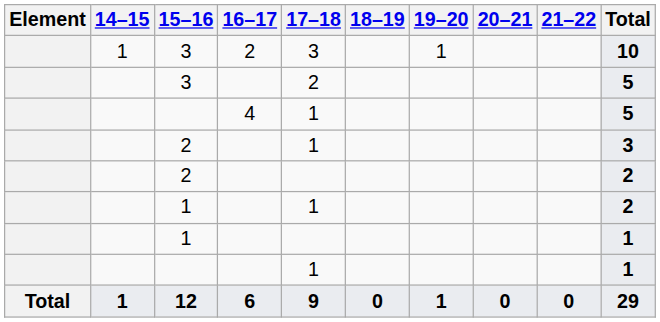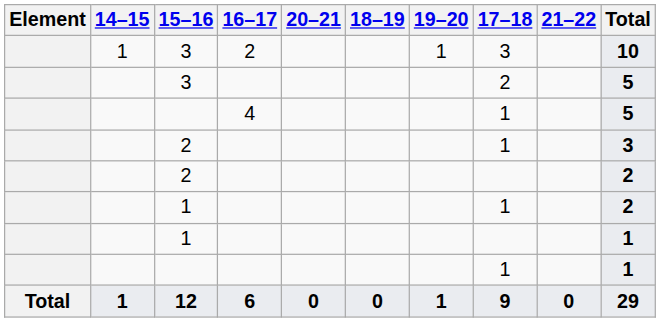 <table class="wikitable" style="text-align:center;">
 <tr>
 <th scope=col>Element</th>
 <th scope=col><a href='#'>14–15</a></th>
 <th scope=col><a href='#'>15–16</a></th>
 <th scope=col><a href='#'>16–17</a></th>
-<th scope=col><a href='#'>17–18</a></th>
+<th scope=col><a href='#'>20–21</a></th>
 <th scope=col><a href='#'>18–19</a></th>
 <th scope=col><a href='#'>19–20</a></th>
-<th scope=col><a href='#'>20–21</a></th>
+<th scope=col><a href='#'>17–18</a></th>
 <th scope=col><a href='#'>21–22</a></th>
 <th scope=col>Total</th>
 </tr>
 <tr>
 <th scope=row></th>
 <td>1</td>
 <td>3</td>
 <td>2</td>
-<td>3</td>
+<td></td>
 <td></td>
 <td>1</td>
-<td></td>
+<td>3</td>
 <td></td>
 <td bgcolor=#EAECF0><strong>10</strong></td>
 </tr>
 <tr>
 <th scope=row></th>
 <td></td>
 <td>3</td>
 <td></td>
-<td>2</td>
 <td></td>
 <td></td>
 <td></td>
+<td>2</td>
 <td></td>
 <td bgcolor=#EAECF0><strong>5</strong></td>
 </tr>
 <tr>
 <th scope=row></th>
 <td></td>
 <td></td>
 <td>4</td>
-<td>1</td>
 <td></td>
 <td></td>
 <td></td>
+<td>1</td>
 <td></td>
 <td bgcolor=#EAECF0><strong>5</strong></td>
 </tr>
 <tr>
 <th scope=row></th>
 <td></td>
 <td>2</td>
 <td></td>
-<td>1</td>
 <td></td>
 <td></td>
 <td></td>
+<td>1</td>
 <td></td>
 <td bgcolor=#EAECF0><strong>3</strong></td>
 </tr>
 <tr>
 <th scope=row></th>
 <td></td>
 <td>2</td>
 <td></td>
 <td></td>
 <td></td>
 <td></td>
 <td></td>
 <td></td>
 <td bgcolor=#EAECF0><strong>2</strong></td>
 </tr>
 <tr>
 <th scope=row></th>
 <td></td>
 <td>1</td>
 <td></td>
-<td>1</td>
 <td></td>
 <td></td>
 <td></td>
+<td>1</td>
 <td></td>
 <td bgcolor=#EAECF0><strong>2</strong></td>
 </tr>
 <tr>
 <th scope=row></th>
 <td></td>
 <td>1</td>
 <td></td>
 <td></td>
 <td></td>
 <td></td>
 <td></td>
 <td></td>
 <td bgcolor=#EAECF0><strong>1</strong></td>
 </tr>
 <tr>
 <th scope=row></th>
 <td></td>
 <td></td>
 <td></td>
-<td>1</td>
 <td></td>
 <td></td>
 <td></td>
+<td>1</td>
 <td></td>
 <td bgcolor=#EAECF0><strong>1</strong></td>
 </tr>
 <tr style="background:#EAECF0; font-weight:bold;">
 <th scope=row>Total</th>
 <td>1</td>
 <td>12</td>
 <td>6</td>
-<td>9</td>
+<td>0</td>
 <td>0</td>
 <td>1</td>
-<td>0</td>
+<td>9</td>
 <td>0</td>
 <td>29</td>
 </tr>
 </table>
